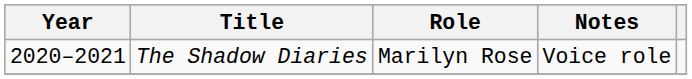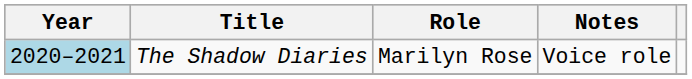 <table class="wikitable sortable">
 <tr>
 <th>Year</th>
 <th>Title</th>
 <th>Role</th>
 <th class="unsortable">Notes</th>
 <th class="unsortable"></th>
 </tr>
 <tr>
-<td>2020–2021</td>
+<td style="background: lightblue;">2020–2021</td>
 <td><em>The Shadow Diaries</em></td>
 <td>Marilyn Rose</td>
 <td>Voice role</td>
 <td style="text-align:center;"></td>
 </tr>
 <tr>
 </tr>
 </table>
